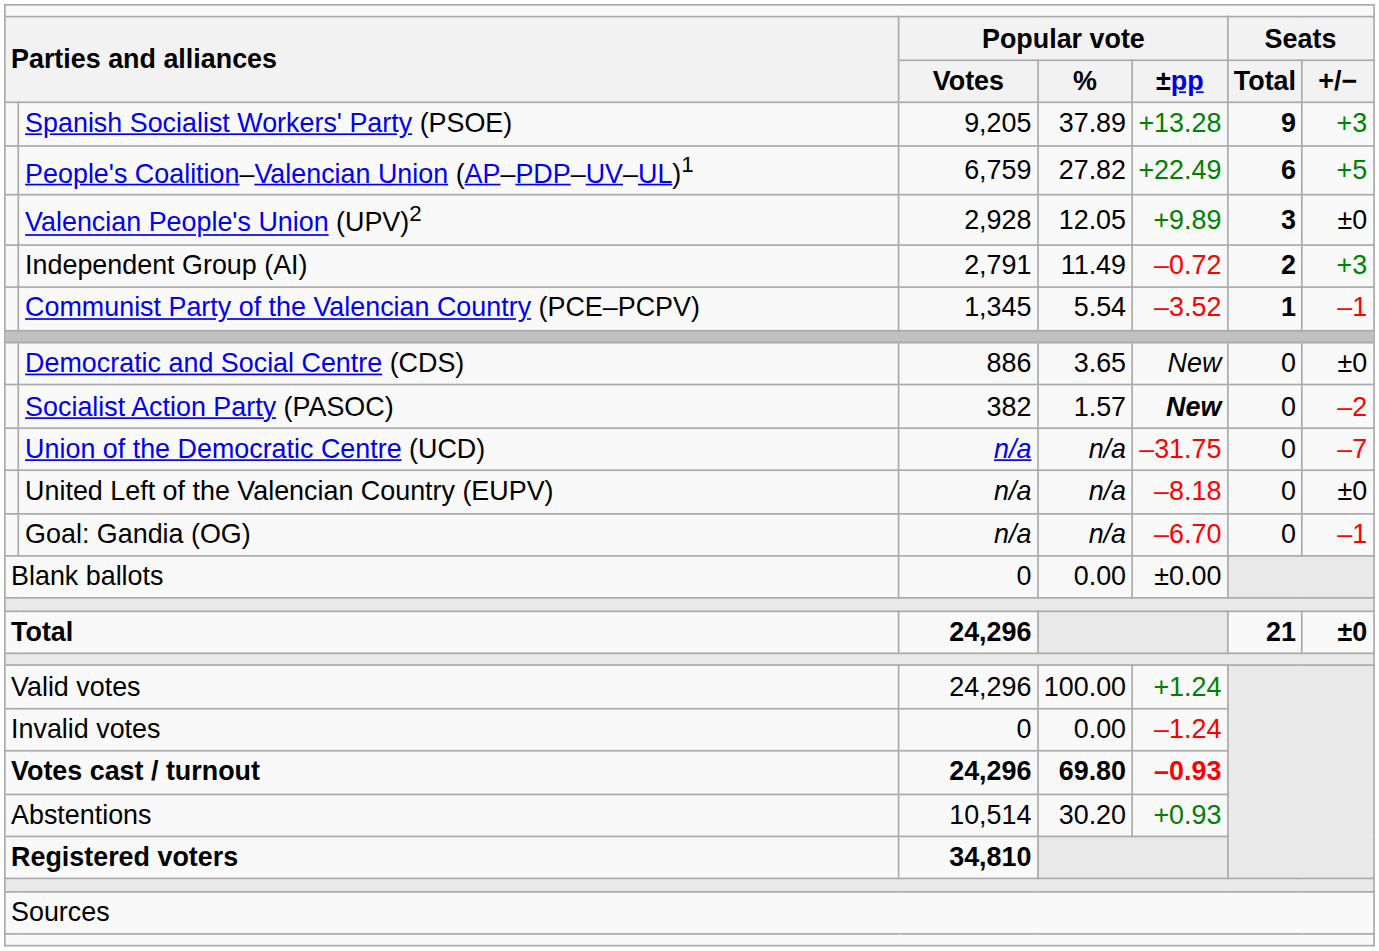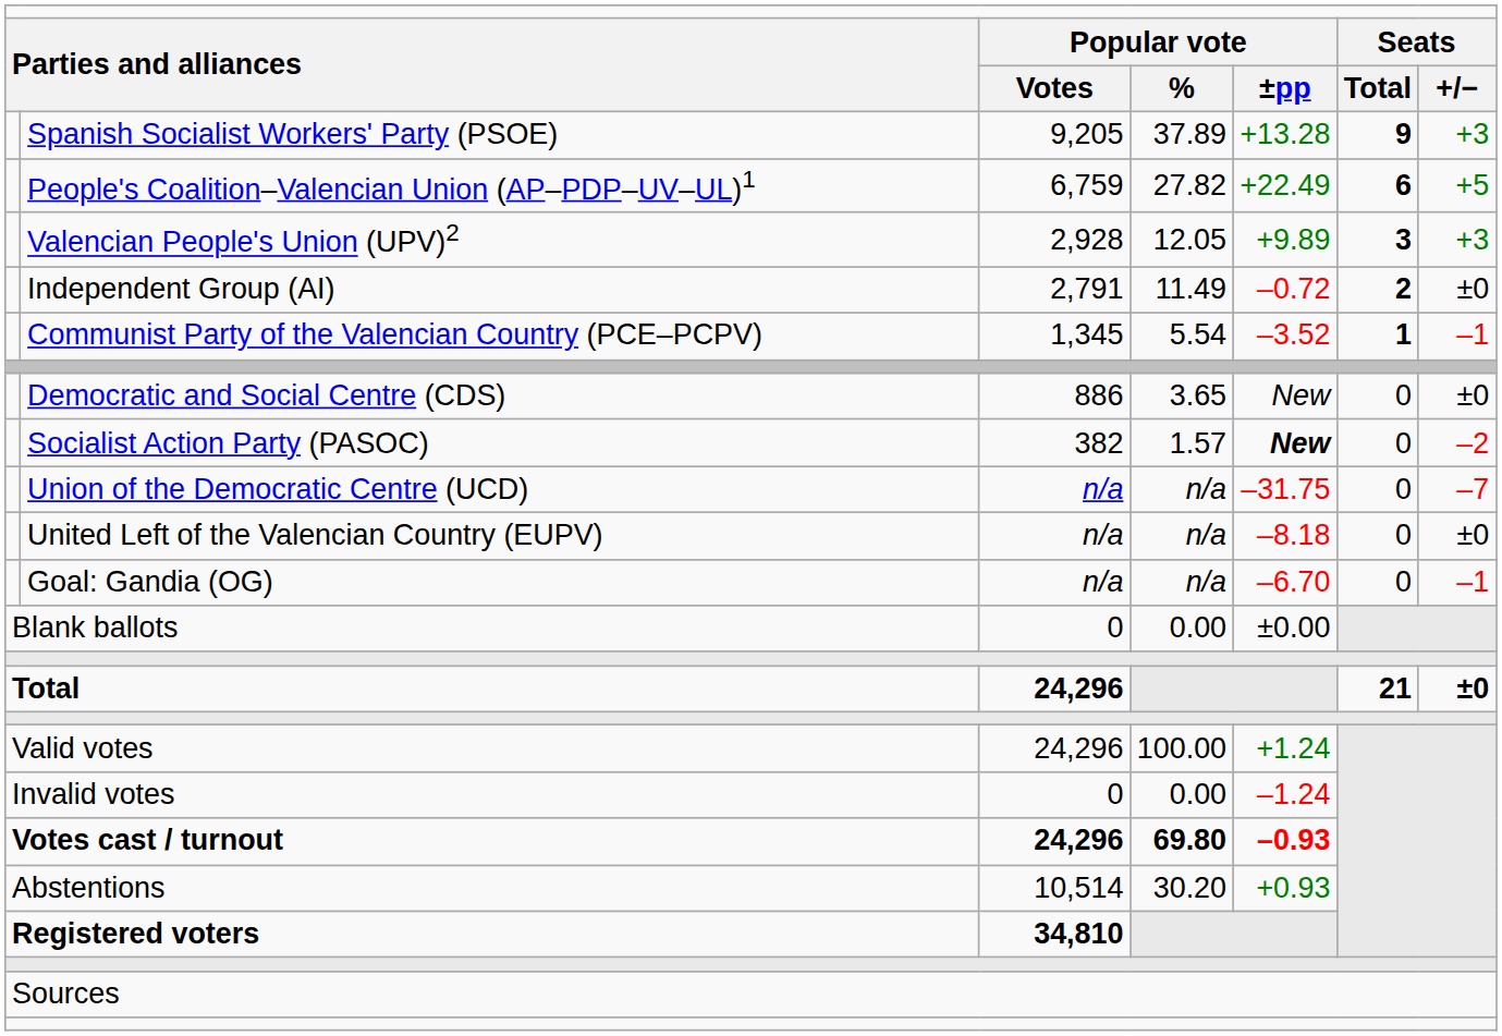 <table class="wikitable" style="text-align:right;">
 <tr>
 <td colspan="7"></td>
 </tr>
 <tr>
 <th style="text-align:left;" rowspan="2" colspan="2" width="525">Parties and alliances</th>
 <th colspan="3">Popular vote</th>
 <th colspan="2">Seats</th>
 </tr>
 <tr>
 <th width="75">Votes</th>
 <th width="45">%</th>
 <th width="45">±<a href='#'>pp</a></th>
 <th width="35">Total</th>
 <th width="35">+/−</th>
 </tr>
 <tr>
 <td width="1" style="color:inherit;background:"></td>
 <td align="left"><a href='#'>Spanish Socialist Workers' Party</a> (PSOE)</td>
 <td>9,205</td>
 <td>37.89</td>
 <td style="color:green;">+13.28</td>
 <td><strong>9</strong></td>
 <td style="color:green;">+3</td>
 </tr>
 <tr>
 <td style="color:inherit;background:"></td>
 <td align="left"><a href='#'>People's Coalition</a>–<a href='#'>Valencian Union</a> (<a href='#'>AP</a>–<a href='#'>PDP</a>–<a href='#'>UV</a>–<a href='#'>UL</a>)<sup>1</sup></td>
 <td>6,759</td>
 <td>27.82</td>
 <td style="color:green;">+22.49</td>
 <td><strong>6</strong></td>
 <td style="color:green;">+5</td>
 </tr>
 <tr>
 <td style="color:inherit;background:"></td>
 <td align="left"><a href='#'>Valencian People's Union</a> (UPV)<sup>2</sup></td>
 <td>2,928</td>
 <td>12.05</td>
 <td style="color:green;">+9.89</td>
 <td><strong>3</strong></td>
-<td>±0</td>
+<td style="color:green;">+3</td>
 </tr>
 <tr>
 <td style="color:inherit;background:"></td>
 <td align="left">Independent Group (AI)</td>
 <td>2,791</td>
 <td>11.49</td>
 <td style="color:red;">–0.72</td>
 <td><strong>2</strong></td>
-<td style="color:green;">+3</td>
+<td>±0</td>
 </tr>
 <tr>
 <td style="color:inherit;background:"></td>
 <td align="left"><a href='#'>Communist Party of the Valencian Country</a> (PCE–PCPV)</td>
 <td>1,345</td>
 <td>5.54</td>
 <td style="color:red;">–3.52</td>
 <td><strong>1</strong></td>
 <td style="color:red;">–1</td>
 </tr>
 <tr>
 <td colspan="7" bgcolor="#C0C0C0"></td>
 </tr>
 <tr>
 <td style="color:inherit;background:"></td>
 <td align="left"><a href='#'>Democratic and Social Centre</a> (CDS)</td>
 <td>886</td>
 <td>3.65</td>
 <td><em>New</em></td>
 <td>0</td>
 <td>±0</td>
 </tr>
 <tr>
 <td style="color:inherit;background:"></td>
 <td align="left"><a href='#'>Socialist Action Party</a> (PASOC)</td>
 <td>382</td>
 <td>1.57</td>
 <td><strong><em>New</em></strong></td>
 <td>0</td>
 <td style="color:red;">–2</td>
 </tr>
 <tr>
 <td style="color:inherit;background:"></td>
 <td align="left"><a href='#'>Union of the Democratic Centre</a> (UCD)</td>
 <td><em><a href='#'>n/a</a></em></td>
 <td><em>n/a</em></td>
 <td style="color:red;">–31.75</td>
 <td>0</td>
 <td style="color:red;">–7</td>
 </tr>
 <tr>
 <td style="color:inherit;background:"></td>
 <td align="left">United Left of the Valencian Country (EUPV)</td>
 <td><em>n/a</em></td>
 <td><em>n/a</em></td>
 <td style="color:red;">–8.18</td>
 <td>0</td>
 <td>±0</td>
 </tr>
 <tr>
 <td style="color:inherit;background:"></td>
 <td align="left">Goal: Gandia (OG)</td>
 <td><em>n/a</em></td>
 <td><em>n/a</em></td>
 <td style="color:red;">–6.70</td>
 <td>0</td>
 <td style="color:red;">–1</td>
 </tr>
 <tr>
 <td align="left" colspan="2">Blank ballots</td>
 <td>0</td>
 <td>0.00</td>
 <td>±0.00</td>
 <td bgcolor="#E9E9E9" colspan="2"></td>
 </tr>
 <tr>
 <td colspan="7" bgcolor="#E9E9E9"></td>
 </tr>
 <tr style="font-weight:bold;">
 <td align="left" colspan="2">Total</td>
 <td>24,296</td>
 <td bgcolor="#E9E9E9" colspan="2"></td>
 <td>21</td>
 <td>±0</td>
 </tr>
 <tr>
 <td colspan="7" bgcolor="#E9E9E9"></td>
 </tr>
 <tr>
 <td align="left" colspan="2">Valid votes</td>
 <td>24,296</td>
 <td>100.00</td>
 <td style="color:green;">+1.24</td>
 <td bgcolor="#E9E9E9" colspan="2" rowspan="5"></td>
 </tr>
 <tr>
 <td align="left" colspan="2">Invalid votes</td>
 <td>0</td>
 <td>0.00</td>
 <td style="color:red;">–1.24</td>
 </tr>
 <tr style="font-weight:bold;">
 <td align="left" colspan="2">Votes cast / turnout</td>
 <td>24,296</td>
 <td>69.80</td>
 <td style="color:red;">–0.93</td>
 </tr>
 <tr>
 <td align="left" colspan="2">Abstentions</td>
 <td>10,514</td>
 <td>30.20</td>
 <td style="color:green;">+0.93</td>
 </tr>
 <tr style="font-weight:bold;">
 <td align="left" colspan="2">Registered voters</td>
 <td>34,810</td>
 <td bgcolor="#E9E9E9" colspan="2"></td>
 </tr>
 <tr>
 <td colspan="7" bgcolor="#E9E9E9"></td>
 </tr>
 <tr>
 <td align="left" colspan="7">Sources</td>
 </tr>
 <tr>
 <td colspan="7" style="text-align:left; max-width:790px;"></td>
 </tr>
 </table>
